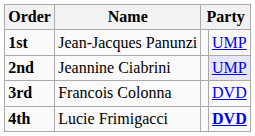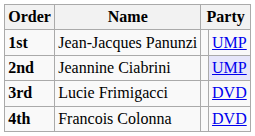 <table class="wikitable">
 <tr>
 <th>Order</th>
 <th>Name</th>
 <th colspan="2">Party</th>
 </tr>
 <tr>
 <td><strong><abbr>1st</abbr></strong></td>
 <td>Jean-Jacques Panunzi</td>
 <td style="color:inherit;background:"></td>
 <td><a href='#'>UMP</a></td>
 </tr>
 <tr>
 <td><strong><abbr>2nd</abbr></strong></td>
 <td>Jeannine Ciabrini</td>
 <td style="color:inherit;background:"></td>
 <td style="background: lavender;"><a href='#'>UMP</a></td>
 </tr>
 <tr>
 <td><strong><abbr>3rd</abbr></strong></td>
-<td>Francois Colonna</td>
+<td>Lucie Frimigacci</td>
 <td style="color:inherit;background:"></td>
 <td><a href='#'>DVD</a></td>
 </tr>
 <tr>
 <td><strong><abbr>4th</abbr></strong></td>
-<td>Lucie Frimigacci</td>
+<td>Francois Colonna</td>
 <td style="color:inherit;background:"></td>
-<td><strong><a href='#'>DVD</a></strong></td>
+<td><a href='#'>DVD</a></td>
 </tr>
 </table>
